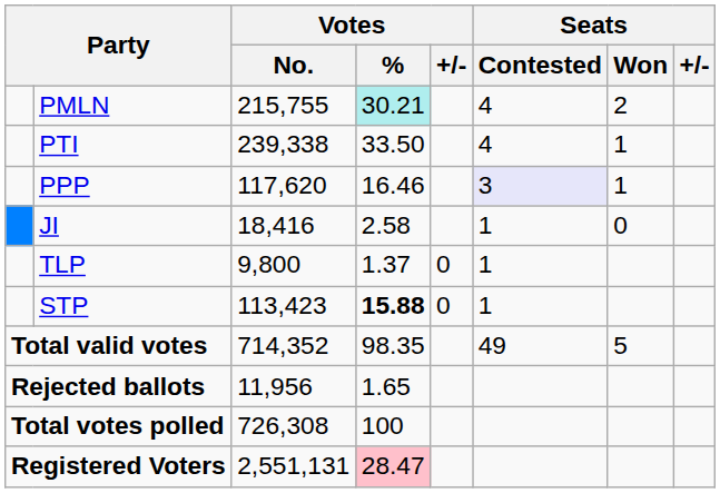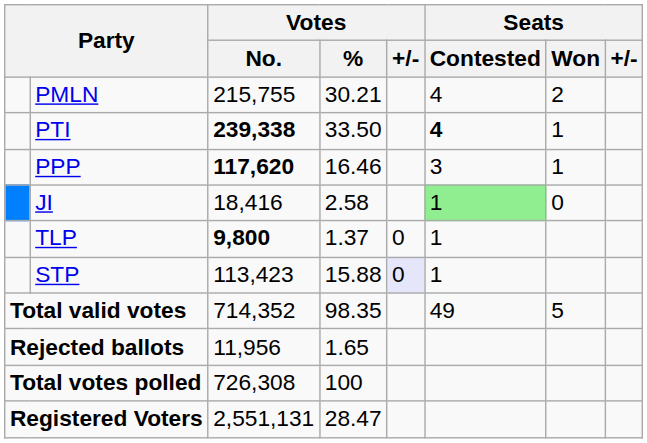 <table class="wikitable sortable">
 <tr>
 <th colspan="2" rowspan="2">Party</th>
 <th colspan="3">Votes</th>
 <th colspan="3">Seats</th>
 </tr>
 <tr>
 <th>No.</th>
 <th>%</th>
 <th>+/-</th>
 <th>Contested</th>
 <th>Won</th>
 <th><strong>+/-</strong></th>
 </tr>
 <tr>
 <td></td>
 <td><a href='#'>PMLN</a></td>
 <td>215,755</td>
-<td style="background: paleturquoise;">30.21</td>
+<td>30.21</td>
 <td></td>
 <td>4</td>
 <td>2</td>
 <td></td>
 </tr>
 <tr>
 <td></td>
 <td><a href='#'>PTI</a></td>
-<td>239,338</td>
+<td><strong>239,338</strong></td>
 <td>33.50</td>
 <td></td>
-<td>4</td>
+<td><strong>4</strong></td>
 <td>1</td>
 <td></td>
 </tr>
 <tr>
 <td></td>
 <td><a href='#'>PPP</a></td>
-<td>117,620</td>
+<td><strong>117,620</strong></td>
 <td>16.46</td>
 <td></td>
-<td style="background: lavender;">3</td>
+<td>3</td>
 <td>1</td>
 <td></td>
 </tr>
 <tr>
 <td bgcolor="#0080ff"></td>
 <td><a href='#'>JI</a></td>
 <td>18,416</td>
 <td>2.58</td>
 <td></td>
-<td>1</td>
+<td style="background: lightgreen;">1</td>
 <td>0</td>
 <td></td>
 </tr>
 <tr>
 <td></td>
 <td><a href='#'>TLP</a></td>
-<td>9,800</td>
+<td><strong>9,800</strong></td>
 <td>1.37</td>
 <td>0</td>
 <td>1</td>
 <td></td>
 <td></td>
 </tr>
 <tr>
 <td></td>
 <td><a href='#'>STP</a></td>
 <td>113,423</td>
-<td><strong>15.88</strong></td>
-<td>0</td>
+<td>15.88</td>
+<td style="background: lavender;">0</td>
 <td>1</td>
 <td></td>
 <td></td>
 </tr>
 <tr>
 <td colspan="2"><strong>Total valid votes</strong></td>
 <td>714,352</td>
 <td>98.35</td>
 <td></td>
 <td>49</td>
 <td>5</td>
 <td></td>
 </tr>
 <tr>
 <td colspan="2"><strong>Rejected ballots</strong></td>
 <td>11,956</td>
 <td>1.65</td>
 <td></td>
 <td></td>
 <td></td>
 <td></td>
 </tr>
 <tr>
 <td colspan="2"><strong>Total votes polled</strong></td>
 <td>726,308</td>
 <td>100</td>
 <td></td>
 <td></td>
 <td></td>
 <td></td>
 </tr>
 <tr>
 <td colspan="2"><strong>Registered Voters</strong></td>
 <td>2,551,131</td>
-<td style="background: pink;">28.47</td>
+<td>28.47</td>
 <td></td>
 <td></td>
 <td></td>
 <td></td>
 </tr>
 </table>
